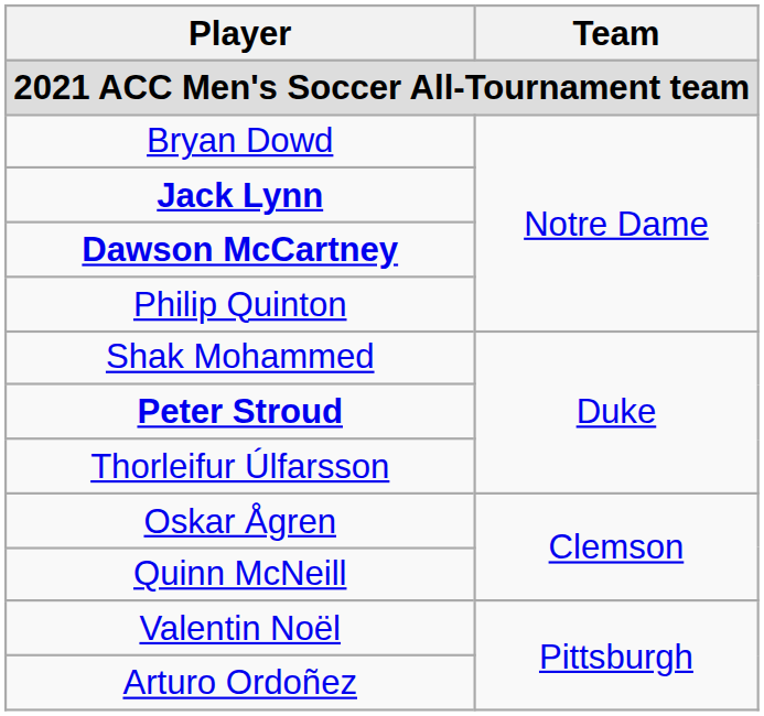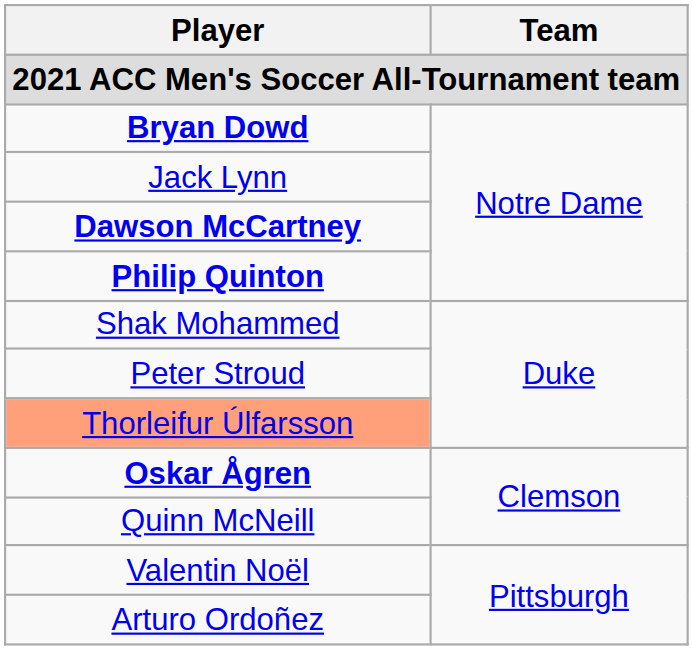 <table class="wikitable" style="white-space:nowrap; font-size:90%; text-align: center;">
 <tr>
 <th>Player</th>
 <th>Team</th>
 </tr>
 <tr>
 <td colspan="2" style="text-align:center; background:#ddd;"><strong>2021 ACC Men's Soccer All-Tournament team</strong></td>
 </tr>
 <tr>
-<td><a href='#'>Bryan Dowd</a></td>
+<td><strong><a href='#'>Bryan Dowd</a></strong></td>
 <td rowspan=4><a href='#'>Notre Dame</a></td>
 </tr>
 <tr>
-<td><strong><a href='#'>Jack Lynn</a></strong></td>
+<td><a href='#'>Jack Lynn</a></td>
 </tr>
 <tr>
 <td><strong><a href='#'>Dawson McCartney</a></strong></td>
 </tr>
 <tr>
-<td><a href='#'>Philip Quinton</a></td>
+<td><strong><a href='#'>Philip Quinton</a></strong></td>
 </tr>
 <tr>
 <td><a href='#'>Shak Mohammed</a></td>
 <td rowspan=3><a href='#'>Duke</a></td>
 </tr>
 <tr>
-<td><strong><a href='#'>Peter Stroud</a></strong></td>
+<td><a href='#'>Peter Stroud</a></td>
 </tr>
 <tr>
-<td><a href='#'>Thorleifur Úlfarsson</a></td>
+<td style="background: lightsalmon;"><a href='#'>Thorleifur Úlfarsson</a></td>
 </tr>
 <tr>
-<td><a href='#'>Oskar Ågren</a></td>
+<td><strong><a href='#'>Oskar Ågren</a></strong></td>
 <td rowspan=2><a href='#'>Clemson</a></td>
 </tr>
 <tr>
 <td><a href='#'>Quinn McNeill</a></td>
 </tr>
 <tr>
 <td><a href='#'>Valentin Noël</a></td>
 <td rowspan=2><a href='#'>Pittsburgh</a></td>
 </tr>
 <tr>
 <td><a href='#'>Arturo Ordoñez</a></td>
 </tr>
 </table>
